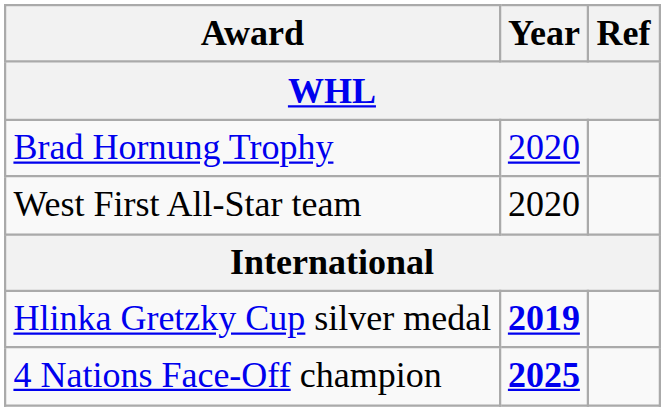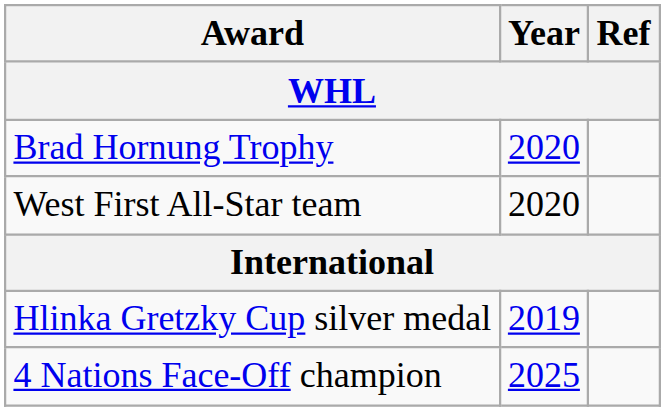 <table class="wikitable">
 <tr>
 <th>Award</th>
 <th>Year</th>
 <th>Ref</th>
 </tr>
 <tr>
 <th colspan="3"><a href='#'>WHL</a></th>
 </tr>
 <tr>
 <td><a href='#'>Brad Hornung Trophy</a></td>
 <td><a href='#'>2020</a></td>
 <td></td>
 </tr>
 <tr>
 <td>West First All-Star team</td>
 <td>2020</td>
 <td></td>
 </tr>
 <tr>
 <th colspan="3">International</th>
 </tr>
 <tr>
 <td><a href='#'>Hlinka Gretzky Cup</a> silver medal</td>
-<td><strong><a href='#'>2019</a></strong></td>
+<td><a href='#'>2019</a></td>
 <td></td>
 </tr>
 <tr>
 <td><a href='#'>4 Nations Face-Off</a> champion</td>
-<td><strong><a href='#'>2025</a></strong></td>
+<td><a href='#'>2025</a></td>
 <td></td>
 </tr>
 </table>
